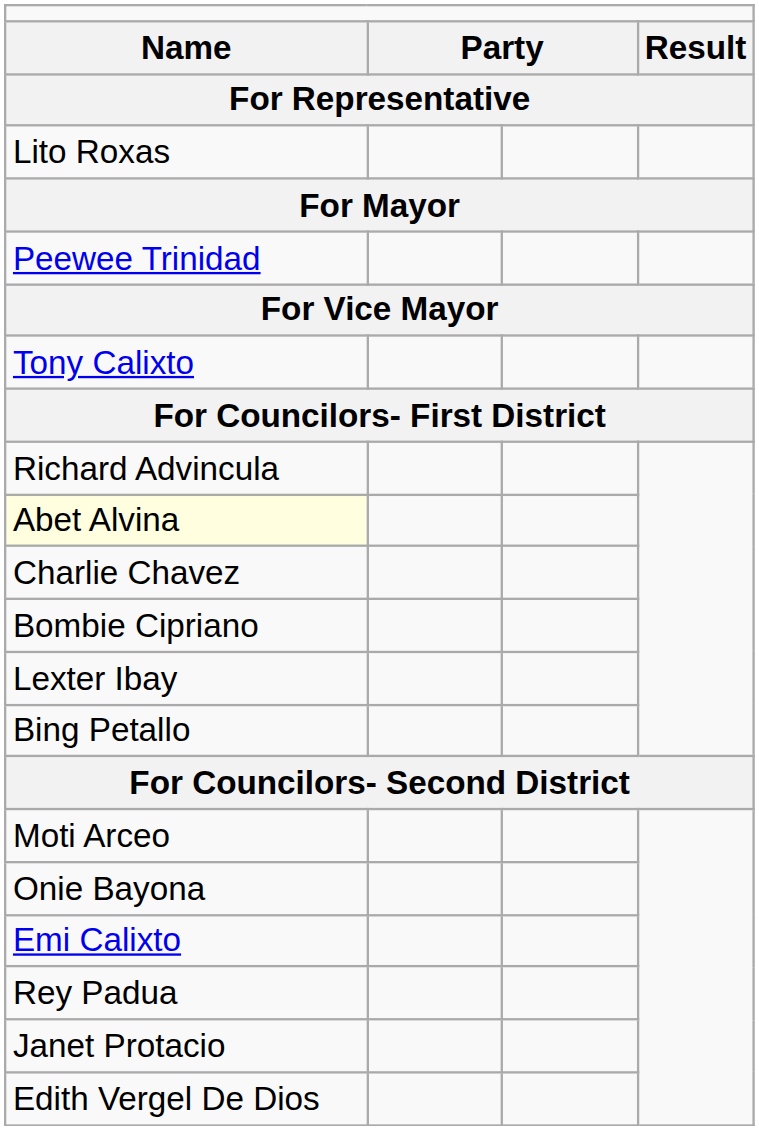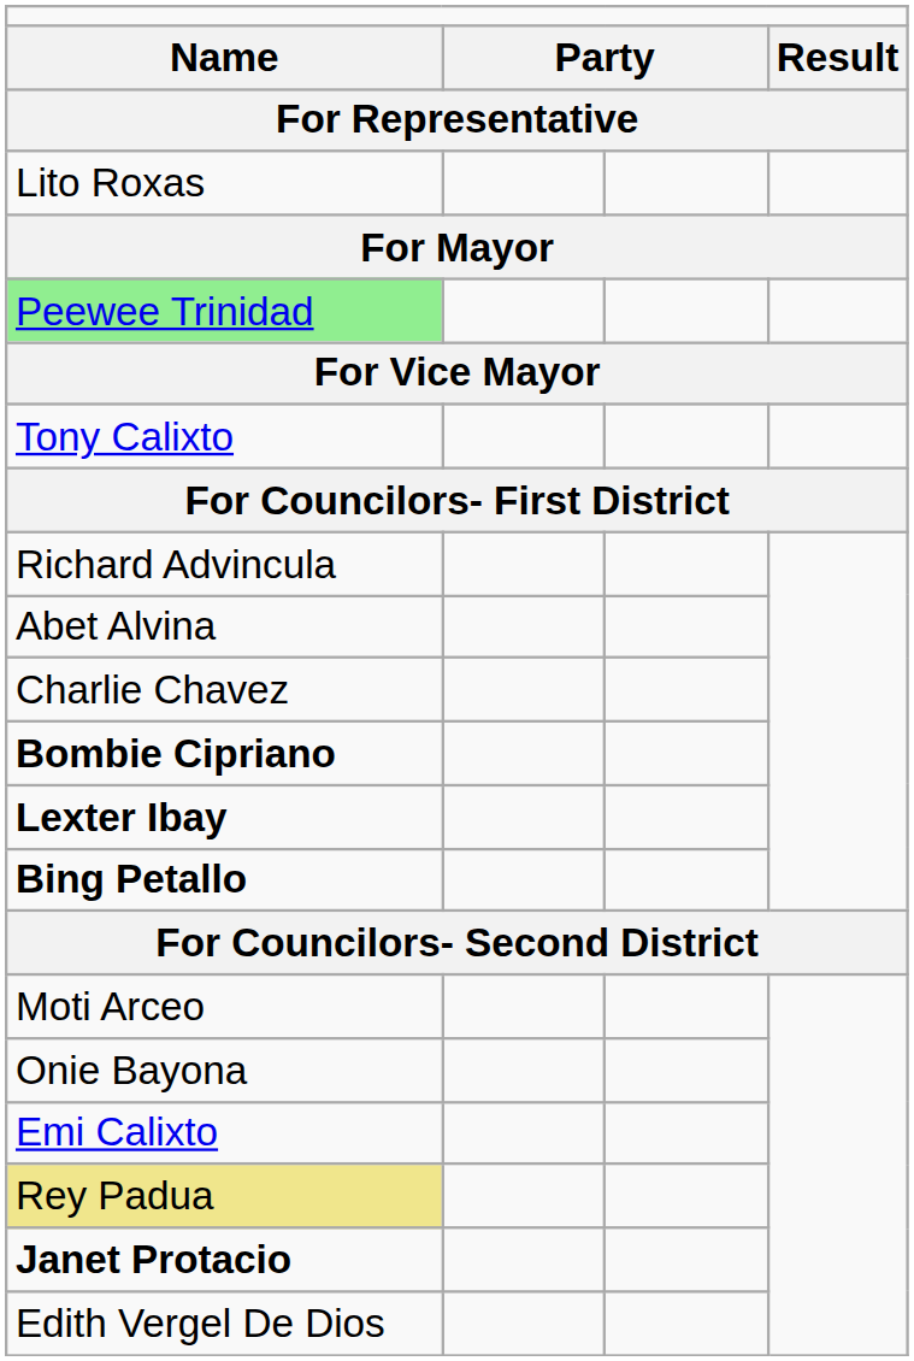 <table class=wikitable style="font-size:90%">
 <tr>
 <td colspan=4 bgcolor=></td>
 </tr>
 <tr>
 <th width=150px>Name</th>
 <th colspan=2 width=110px>Party</th>
 <th>Result</th>
 </tr>
 <tr>
 <th colspan=4>For Representative</th>
 </tr>
 <tr>
 <td>Lito Roxas</td>
 <td></td>
 <td></td>
 </tr>
 <tr>
 <th colspan=4>For Mayor</th>
 </tr>
 <tr>
-<td><a href='#'>Peewee Trinidad</a></td>
+<td style="background: lightgreen;"><a href='#'>Peewee Trinidad</a></td>
 <td></td>
 <td></td>
 </tr>
 <tr>
 <th colspan=4>For Vice Mayor</th>
 </tr>
 <tr>
 <td><a href='#'>Tony Calixto</a></td>
 <td></td>
 <td></td>
 </tr>
 <tr>
 <th colspan=4>For Councilors- First District</th>
 </tr>
 <tr>
 <td>Richard Advincula</td>
 <td></td>
 <td></td>
 </tr>
 <tr>
-<td style="background: lightyellow;">Abet Alvina</td>
+<td>Abet Alvina</td>
 <td></td>
 <td></td>
 </tr>
 <tr>
 <td>Charlie Chavez</td>
 <td></td>
 <td></td>
 </tr>
 <tr>
-<td>Bombie Cipriano</td>
+<td><strong>Bombie Cipriano</strong></td>
 <td></td>
 <td></td>
 </tr>
 <tr>
-<td>Lexter Ibay</td>
+<td><strong>Lexter Ibay</strong></td>
 <td></td>
 <td></td>
 </tr>
 <tr>
-<td>Bing Petallo</td>
+<td><strong>Bing Petallo</strong></td>
 <td></td>
 <td></td>
 </tr>
 <tr>
 <th colspan=4>For Councilors- Second District</th>
 </tr>
 <tr>
 <td>Moti Arceo</td>
 <td></td>
 <td></td>
 </tr>
 <tr>
 <td>Onie Bayona</td>
 <td></td>
 <td></td>
 </tr>
 <tr>
 <td><a href='#'>Emi Calixto</a></td>
 <td></td>
 <td></td>
 </tr>
 <tr>
-<td>Rey Padua</td>
+<td style="background: khaki;">Rey Padua</td>
 <td></td>
 <td></td>
 </tr>
 <tr>
-<td>Janet Protacio</td>
+<td><strong>Janet Protacio</strong></td>
 <td></td>
 <td></td>
 </tr>
 <tr>
 <td>Edith Vergel De Dios</td>
 <td></td>
 <td></td>
 </tr>
 </table>
